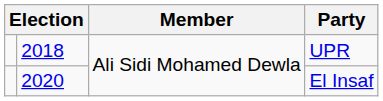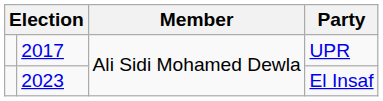 <table class="wikitable">
 <tr>
 <th colspan="2">Election</th>
 <th>Member</th>
 <th>Party</th>
 </tr>
 <tr>
 <td style="color:inherit;background:"></td>
-<td><a href='#'>2018</a></td>
+<td><a href='#'>2017</a></td>
 <td rowspan="2">Ali Sidi Mohamed Dewla</td>
 <td><a href='#'>UPR</a></td>
 </tr>
 <tr>
 <td style="color:inherit;background:"></td>
-<td><a href='#'>2020</a></td>
+<td><a href='#'>2023</a></td>
 <td><a href='#'>El Insaf</a></td>
 </tr>
 </table>
